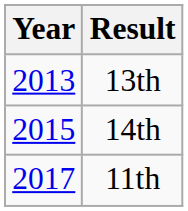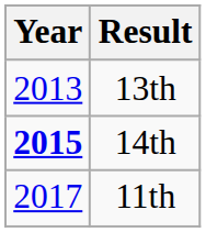 <table class="wikitable" style="text-align:center">
 <tr>
 <th>Year</th>
 <th>Result</th>
 </tr>
 <tr>
 <td><a href='#'>2013</a></td>
 <td>13th</td>
 </tr>
 <tr>
-<td><a href='#'>2015</a></td>
+<td><strong><a href='#'>2015</a></strong></td>
 <td>14th</td>
 </tr>
 <tr>
 <td><a href='#'>2017</a></td>
 <td>11th</td>
 </tr>
 </table>
